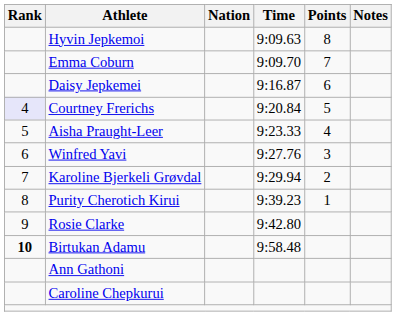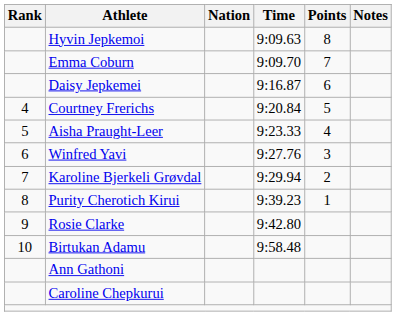 <table class="wikitable sortable" style="text-align:center;">
 <tr>
 <th scope="col" style="width: 10px;">Rank</th>
 <th scope="col">Athlete</th>
 <th scope="col">Nation</th>
 <th scope="col">Time</th>
 <th scope="col">Points</th>
 <th scope="col">Notes</th>
 </tr>
 <tr>
 <td></td>
 <td align=left><a href='#'>Hyvin Jepkemoi</a></td>
 <td align=left></td>
 <td>9:09.63</td>
 <td>8</td>
 <td></td>
 </tr>
 <tr>
 <td></td>
 <td align=left><a href='#'>Emma Coburn</a></td>
 <td align=left></td>
 <td>9:09.70</td>
 <td>7</td>
 <td></td>
 </tr>
 <tr>
 <td></td>
 <td align=left><a href='#'>Daisy Jepkemei</a></td>
 <td align=left></td>
 <td>9:16.87</td>
 <td>6</td>
 <td></td>
 </tr>
 <tr>
-<td style="background: lavender;">4</td>
+<td>4</td>
 <td align=left><a href='#'>Courtney Frerichs</a></td>
 <td align=left></td>
 <td>9:20.84</td>
 <td>5</td>
 <td></td>
 </tr>
 <tr>
 <td>5</td>
 <td align=left><a href='#'>Aisha Praught-Leer</a></td>
 <td align=left></td>
 <td>9:23.33</td>
 <td>4</td>
 <td></td>
 </tr>
 <tr>
 <td>6</td>
 <td align=left><a href='#'>Winfred Yavi</a></td>
 <td align=left></td>
 <td>9:27.76</td>
 <td>3</td>
 <td></td>
 </tr>
 <tr>
 <td>7</td>
 <td align=left><a href='#'>Karoline Bjerkeli Grøvdal</a></td>
 <td align=left></td>
 <td>9:29.94</td>
 <td>2</td>
 <td></td>
 </tr>
 <tr>
 <td>8</td>
 <td align=left><a href='#'>Purity Cherotich Kirui</a></td>
 <td align=left></td>
 <td>9:39.23</td>
 <td>1</td>
 <td></td>
 </tr>
 <tr>
 <td>9</td>
 <td align=left><a href='#'>Rosie Clarke</a></td>
 <td align=left></td>
 <td>9:42.80</td>
 <td></td>
 <td></td>
 </tr>
 <tr>
-<td><strong>10</strong></td>
+<td>10</td>
 <td align=left><a href='#'>Birtukan Adamu</a></td>
 <td align=left></td>
 <td>9:58.48</td>
 <td></td>
 <td></td>
 </tr>
 <tr>
 <td></td>
 <td align="left"><a href='#'>Ann Gathoni</a></td>
 <td align="left"></td>
 <td></td>
 <td></td>
 <td></td>
 </tr>
 <tr>
 <td></td>
 <td align="left"><a href='#'>Caroline Chepkurui</a></td>
 <td align="left"></td>
 <td></td>
 <td></td>
 <td></td>
 </tr>
 <tr class="sortbottom">
 <td colspan="6"></td>
 </tr>
 </table>
